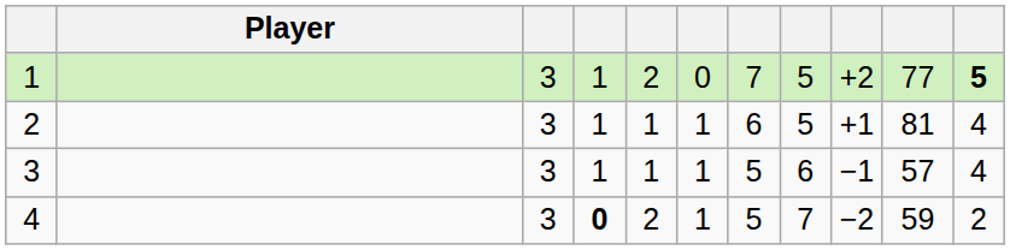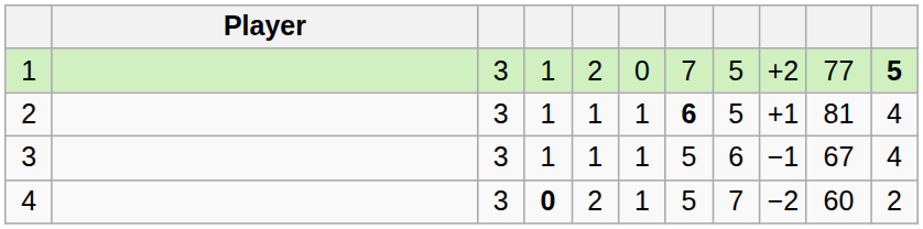 <table class="wikitable" style="text-align:center; margin: 1em auto 1em auto, align:left">
 <tr>
 <th width=20></th>
 <th width=240>Player</th>
 <th width=20></th>
 <th width=20></th>
 <th width=20></th>
 <th width=20></th>
 <th width=20></th>
 <th width=20></th>
 <th width=20></th>
 <th width=30></th>
 <th width=20></th>
 </tr>
 <tr style="background:#D0F0C0;">
 <td>1</td>
 <td align=left></td>
 <td>3</td>
 <td>1</td>
 <td>2</td>
 <td>0</td>
 <td>7</td>
 <td>5</td>
 <td>+2</td>
 <td>77</td>
 <td><strong>5</strong></td>
 </tr>
 <tr style=>
 <td>2</td>
 <td align=left></td>
 <td>3</td>
 <td>1</td>
 <td>1</td>
 <td>1</td>
-<td>6</td>
+<td><strong>6</strong></td>
 <td>5</td>
 <td>+1</td>
 <td>81</td>
 <td>4</td>
 </tr>
 <tr style=>
 <td>3</td>
 <td align=left></td>
 <td>3</td>
 <td>1</td>
 <td>1</td>
 <td>1</td>
 <td>5</td>
 <td>6</td>
 <td>−1</td>
-<td>57</td>
+<td>67</td>
 <td>4</td>
 </tr>
 <tr style=>
 <td>4</td>
 <td align=left></td>
 <td>3</td>
 <td><strong>0</strong></td>
 <td>2</td>
 <td>1</td>
 <td>5</td>
 <td>7</td>
 <td>−2</td>
-<td>59</td>
+<td>60</td>
 <td>2</td>
 </tr>
 </table>
